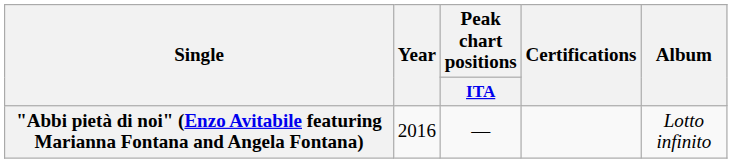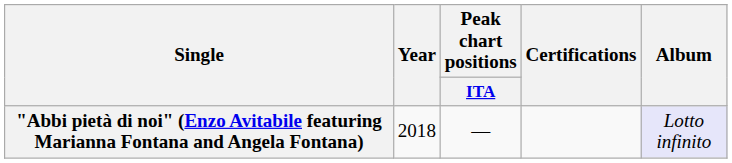 <table class="wikitable plainrowheaders" style="text-align:center;">
 <tr>
 <th scope="col" rowspan="2">Single</th>
 <th scope="col" rowspan="2">Year</th>
 <th scope="col" colspan="1">Peak chart positions</th>
 <th scope="col" rowspan="2">Certifications</th>
 <th scope="col" rowspan="2">Album</th>
 </tr>
 <tr>
 <th scope="col" style="width:3em;font-size:90%;"><a href='#'>ITA</a></th>
 </tr>
 <tr>
 <th scope="row">"Abbi pietà di noi" (<a href='#'>Enzo Avitabile</a> featuring Marianna Fontana and Angela Fontana)</th>
-<td>2016</td>
+<td>2018</td>
 <td>—</td>
 <td></td>
-<td><em>Lotto infinito</em></td>
+<td style="background: lavender;"><em>Lotto infinito</em></td>
 </tr>
 </table>
